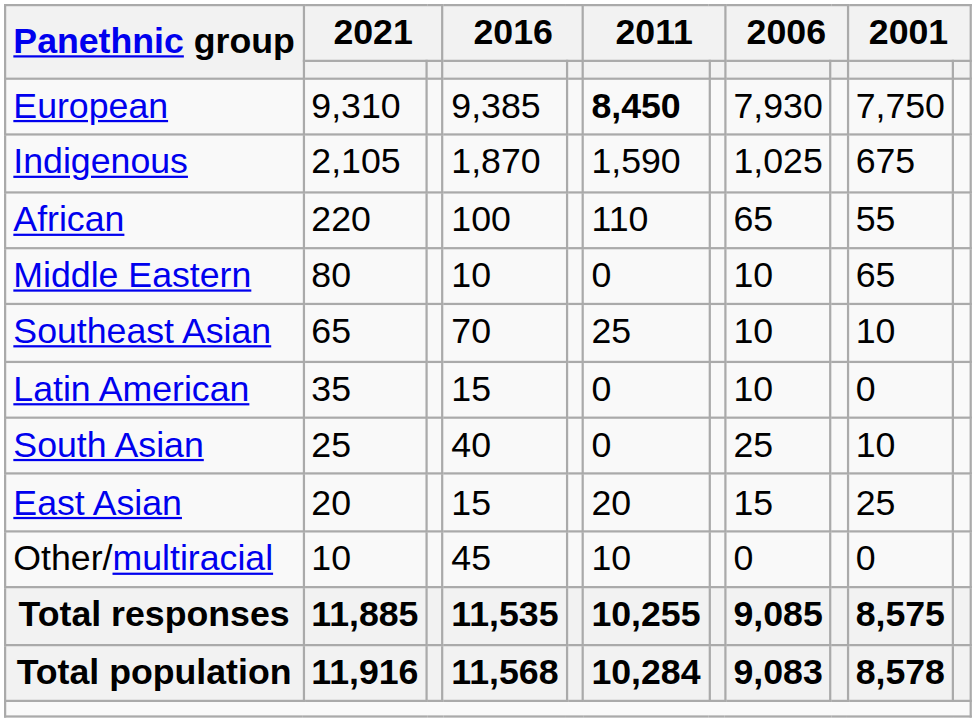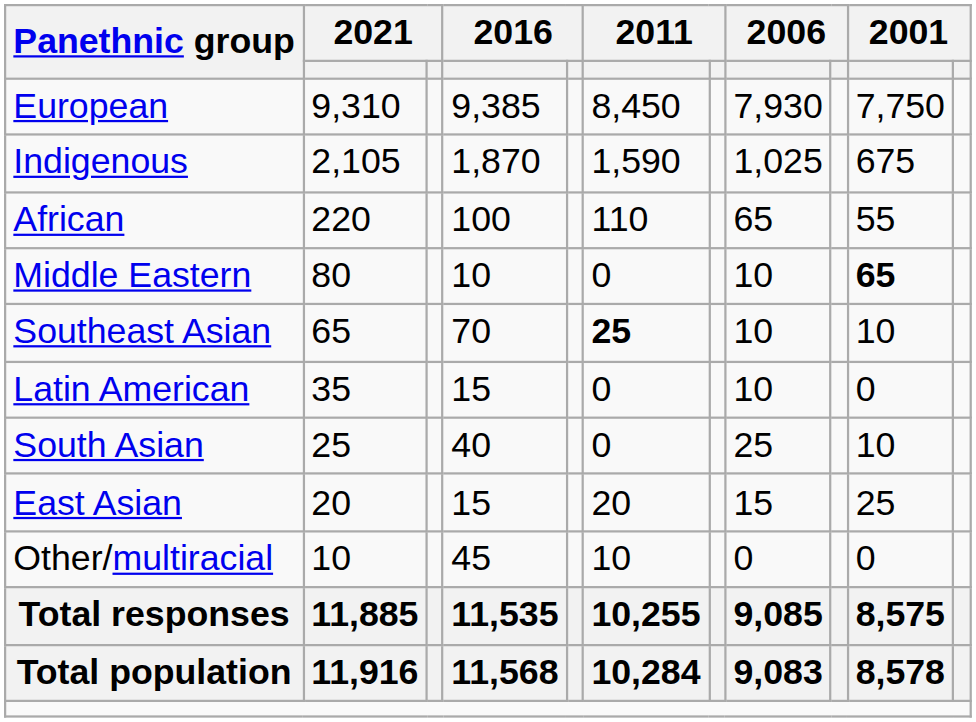 <table class="wikitable collapsible sortable">
 <tr>
 <th rowspan="2"><a href='#'>Panethnic</a> group</th>
 <th colspan="2">2021</th>
 <th colspan="2">2016</th>
 <th colspan="2">2011</th>
 <th colspan="2">2006</th>
 <th colspan="2">2001</th>
 </tr>
 <tr>
 <th><a href='#'></a></th>
 <th></th>
 <th></th>
 <th></th>
 <th></th>
 <th></th>
 <th></th>
 <th></th>
 <th></th>
 <th></th>
 </tr>
 <tr>
 <td><a href='#'>European</a></td>
 <td>9,310</td>
 <td></td>
 <td>9,385</td>
 <td></td>
-<td><strong>8,450</strong></td>
+<td>8,450</td>
 <td></td>
 <td>7,930</td>
 <td></td>
 <td>7,750</td>
 <td></td>
 </tr>
 <tr>
 <td><a href='#'>Indigenous</a></td>
 <td>2,105</td>
 <td></td>
 <td>1,870</td>
 <td></td>
 <td>1,590</td>
 <td></td>
 <td>1,025</td>
 <td></td>
 <td>675</td>
 <td></td>
 </tr>
 <tr>
 <td><a href='#'>African</a></td>
 <td>220</td>
 <td></td>
 <td>100</td>
 <td></td>
 <td>110</td>
 <td></td>
 <td>65</td>
 <td></td>
 <td>55</td>
 <td></td>
 </tr>
 <tr>
 <td><a href='#'>Middle Eastern</a></td>
 <td>80</td>
 <td></td>
 <td>10</td>
 <td></td>
 <td>0</td>
 <td></td>
 <td>10</td>
 <td></td>
-<td>65</td>
+<td><strong>65</strong></td>
 <td></td>
 </tr>
 <tr>
 <td><a href='#'>Southeast Asian</a></td>
 <td>65</td>
 <td></td>
 <td>70</td>
 <td></td>
-<td>25</td>
+<td><strong>25</strong></td>
 <td></td>
 <td>10</td>
 <td></td>
 <td>10</td>
 <td></td>
 </tr>
 <tr>
 <td><a href='#'>Latin American</a></td>
 <td>35</td>
 <td></td>
 <td>15</td>
 <td></td>
 <td>0</td>
 <td></td>
 <td>10</td>
 <td></td>
 <td>0</td>
 <td></td>
 </tr>
 <tr>
 <td><a href='#'>South Asian</a></td>
 <td>25</td>
 <td></td>
 <td>40</td>
 <td></td>
 <td>0</td>
 <td></td>
 <td>25</td>
 <td></td>
 <td>10</td>
 <td></td>
 </tr>
 <tr>
 <td><a href='#'>East Asian</a></td>
 <td>20</td>
 <td></td>
 <td>15</td>
 <td></td>
 <td>20</td>
 <td></td>
 <td>15</td>
 <td></td>
 <td>25</td>
 <td></td>
 </tr>
 <tr>
 <td>Other/<a href='#'>multiracial</a></td>
 <td>10</td>
 <td></td>
 <td>45</td>
 <td></td>
 <td>10</td>
 <td></td>
 <td>0</td>
 <td></td>
 <td>0</td>
 <td></td>
 </tr>
 <tr>
 <th>Total responses</th>
 <th>11,885</th>
 <th></th>
 <th>11,535</th>
 <th></th>
 <th>10,255</th>
 <th></th>
 <th>9,085</th>
 <th></th>
 <th>8,575</th>
 <th></th>
 </tr>
 <tr class="sortbottom">
 <th>Total population</th>
 <th>11,916</th>
 <th></th>
 <th>11,568</th>
 <th></th>
 <th>10,284</th>
 <th></th>
 <th>9,083</th>
 <th></th>
 <th>8,578</th>
 <th></th>
 </tr>
 <tr class="sortbottom">
 <td colspan="11"></td>
 </tr>
 </table>
